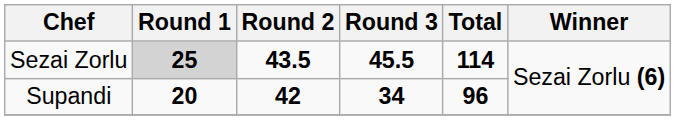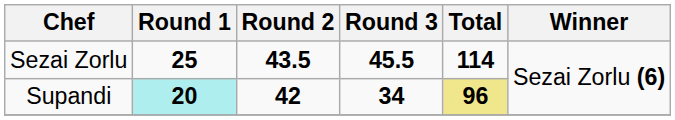 <table class="wikitable"  style="float:left; margin:auto; text-align:center;">
 <tr>
 <th>Chef</th>
 <th>Round 1</th>
 <th>Round 2</th>
 <th>Round 3</th>
 <th>Total</th>
 <th>Winner</th>
 </tr>
 <tr>
 <td>Sezai Zorlu</td>
-<td style="background: lightgrey;"><strong>25</strong></td>
+<td><strong>25</strong></td>
 <td><strong>43.5</strong></td>
 <td><strong>45.5</strong></td>
 <td><strong>114</strong></td>
 <td rowspan=2>Sezai Zorlu <strong>(6)</strong></td>
 </tr>
 <tr>
 <td>Supandi</td>
-<td><strong>20</strong></td>
+<td style="background: paleturquoise;"><strong>20</strong></td>
 <td><strong>42</strong></td>
 <td><strong>34</strong></td>
-<td><strong>96</strong></td>
+<td style="background: khaki;"><strong>96</strong></td>
 </tr>
 <tr>
 </tr>
 </table>
